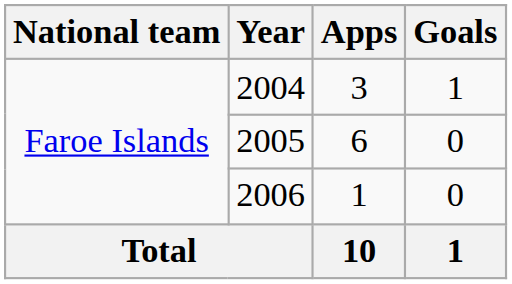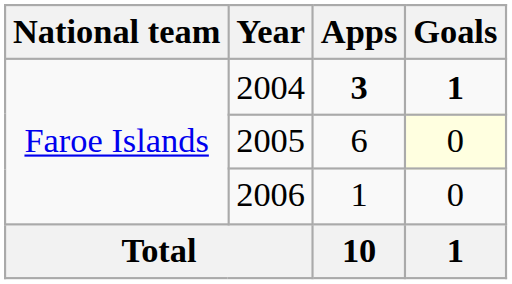 <table class="wikitable" style="text-align:center">
 <tr>
 <th>National team</th>
 <th>Year</th>
 <th>Apps</th>
 <th>Goals</th>
 </tr>
 <tr>
 <td rowspan="3"><a href='#'>Faroe Islands</a></td>
 <td>2004</td>
-<td>3</td>
-<td>1</td>
+<td><strong>3</strong></td>
+<td><strong>1</strong></td>
 </tr>
 <tr>
 <td>2005</td>
 <td>6</td>
-<td>0</td>
+<td style="background: lightyellow;">0</td>
 </tr>
 <tr>
 <td>2006</td>
 <td>1</td>
 <td>0</td>
 </tr>
 <tr>
 <th colspan="2">Total</th>
 <th>10</th>
 <th>1</th>
 </tr>
 </table>
